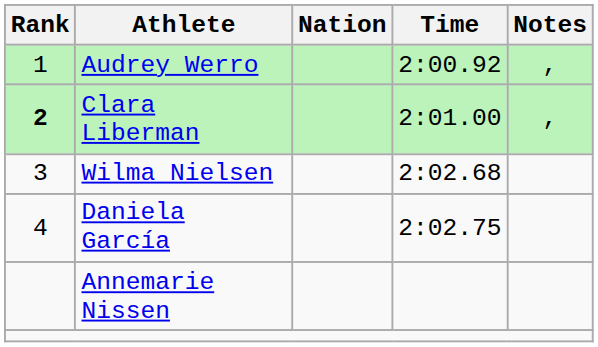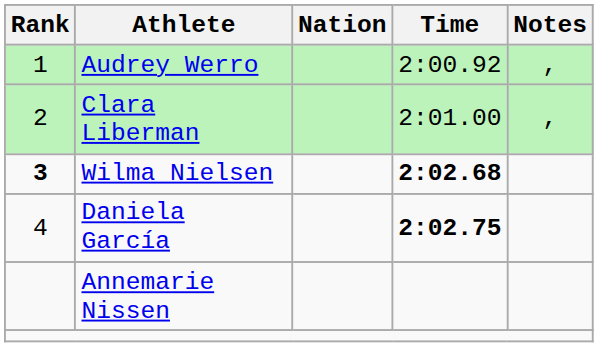 <table class="wikitable sortable" style="text-align:center;width: 50%;">
 <tr>
 <th scope="col" style="width: 10px;">Rank</th>
 <th scope="col">Athlete</th>
 <th scope="col">Nation</th>
 <th scope="col">Time</th>
 <th scope="col">Notes</th>
 </tr>
 <tr bgcolor=bbf3bb>
 <td>1</td>
 <td align=left><a href='#'>Audrey Werro</a></td>
 <td align=left></td>
 <td>2:00.92</td>
 <td>, </td>
 </tr>
 <tr bgcolor=bbf3bb>
-<td><strong>2</strong></td>
+<td>2</td>
 <td align=left><a href='#'>Clara Liberman</a></td>
 <td align=left></td>
 <td>2:01.00</td>
 <td>, </td>
 </tr>
 <tr>
-<td>3</td>
+<td><strong>3</strong></td>
 <td align=left><a href='#'>Wilma Nielsen</a></td>
 <td align=left></td>
-<td>2:02.68</td>
+<td><strong>2:02.68</strong></td>
 <td></td>
 </tr>
 <tr>
 <td>4</td>
 <td align=left><a href='#'>Daniela García</a></td>
 <td align=left></td>
-<td>2:02.75</td>
+<td><strong>2:02.75</strong></td>
 <td></td>
 </tr>
 <tr>
 <td></td>
 <td align=left><a href='#'>Annemarie Nissen</a></td>
 <td align=left></td>
 <td></td>
 <td></td>
 </tr>
 <tr class="sortbottom">
 <td colspan="5"></td>
 </tr>
 </table>
